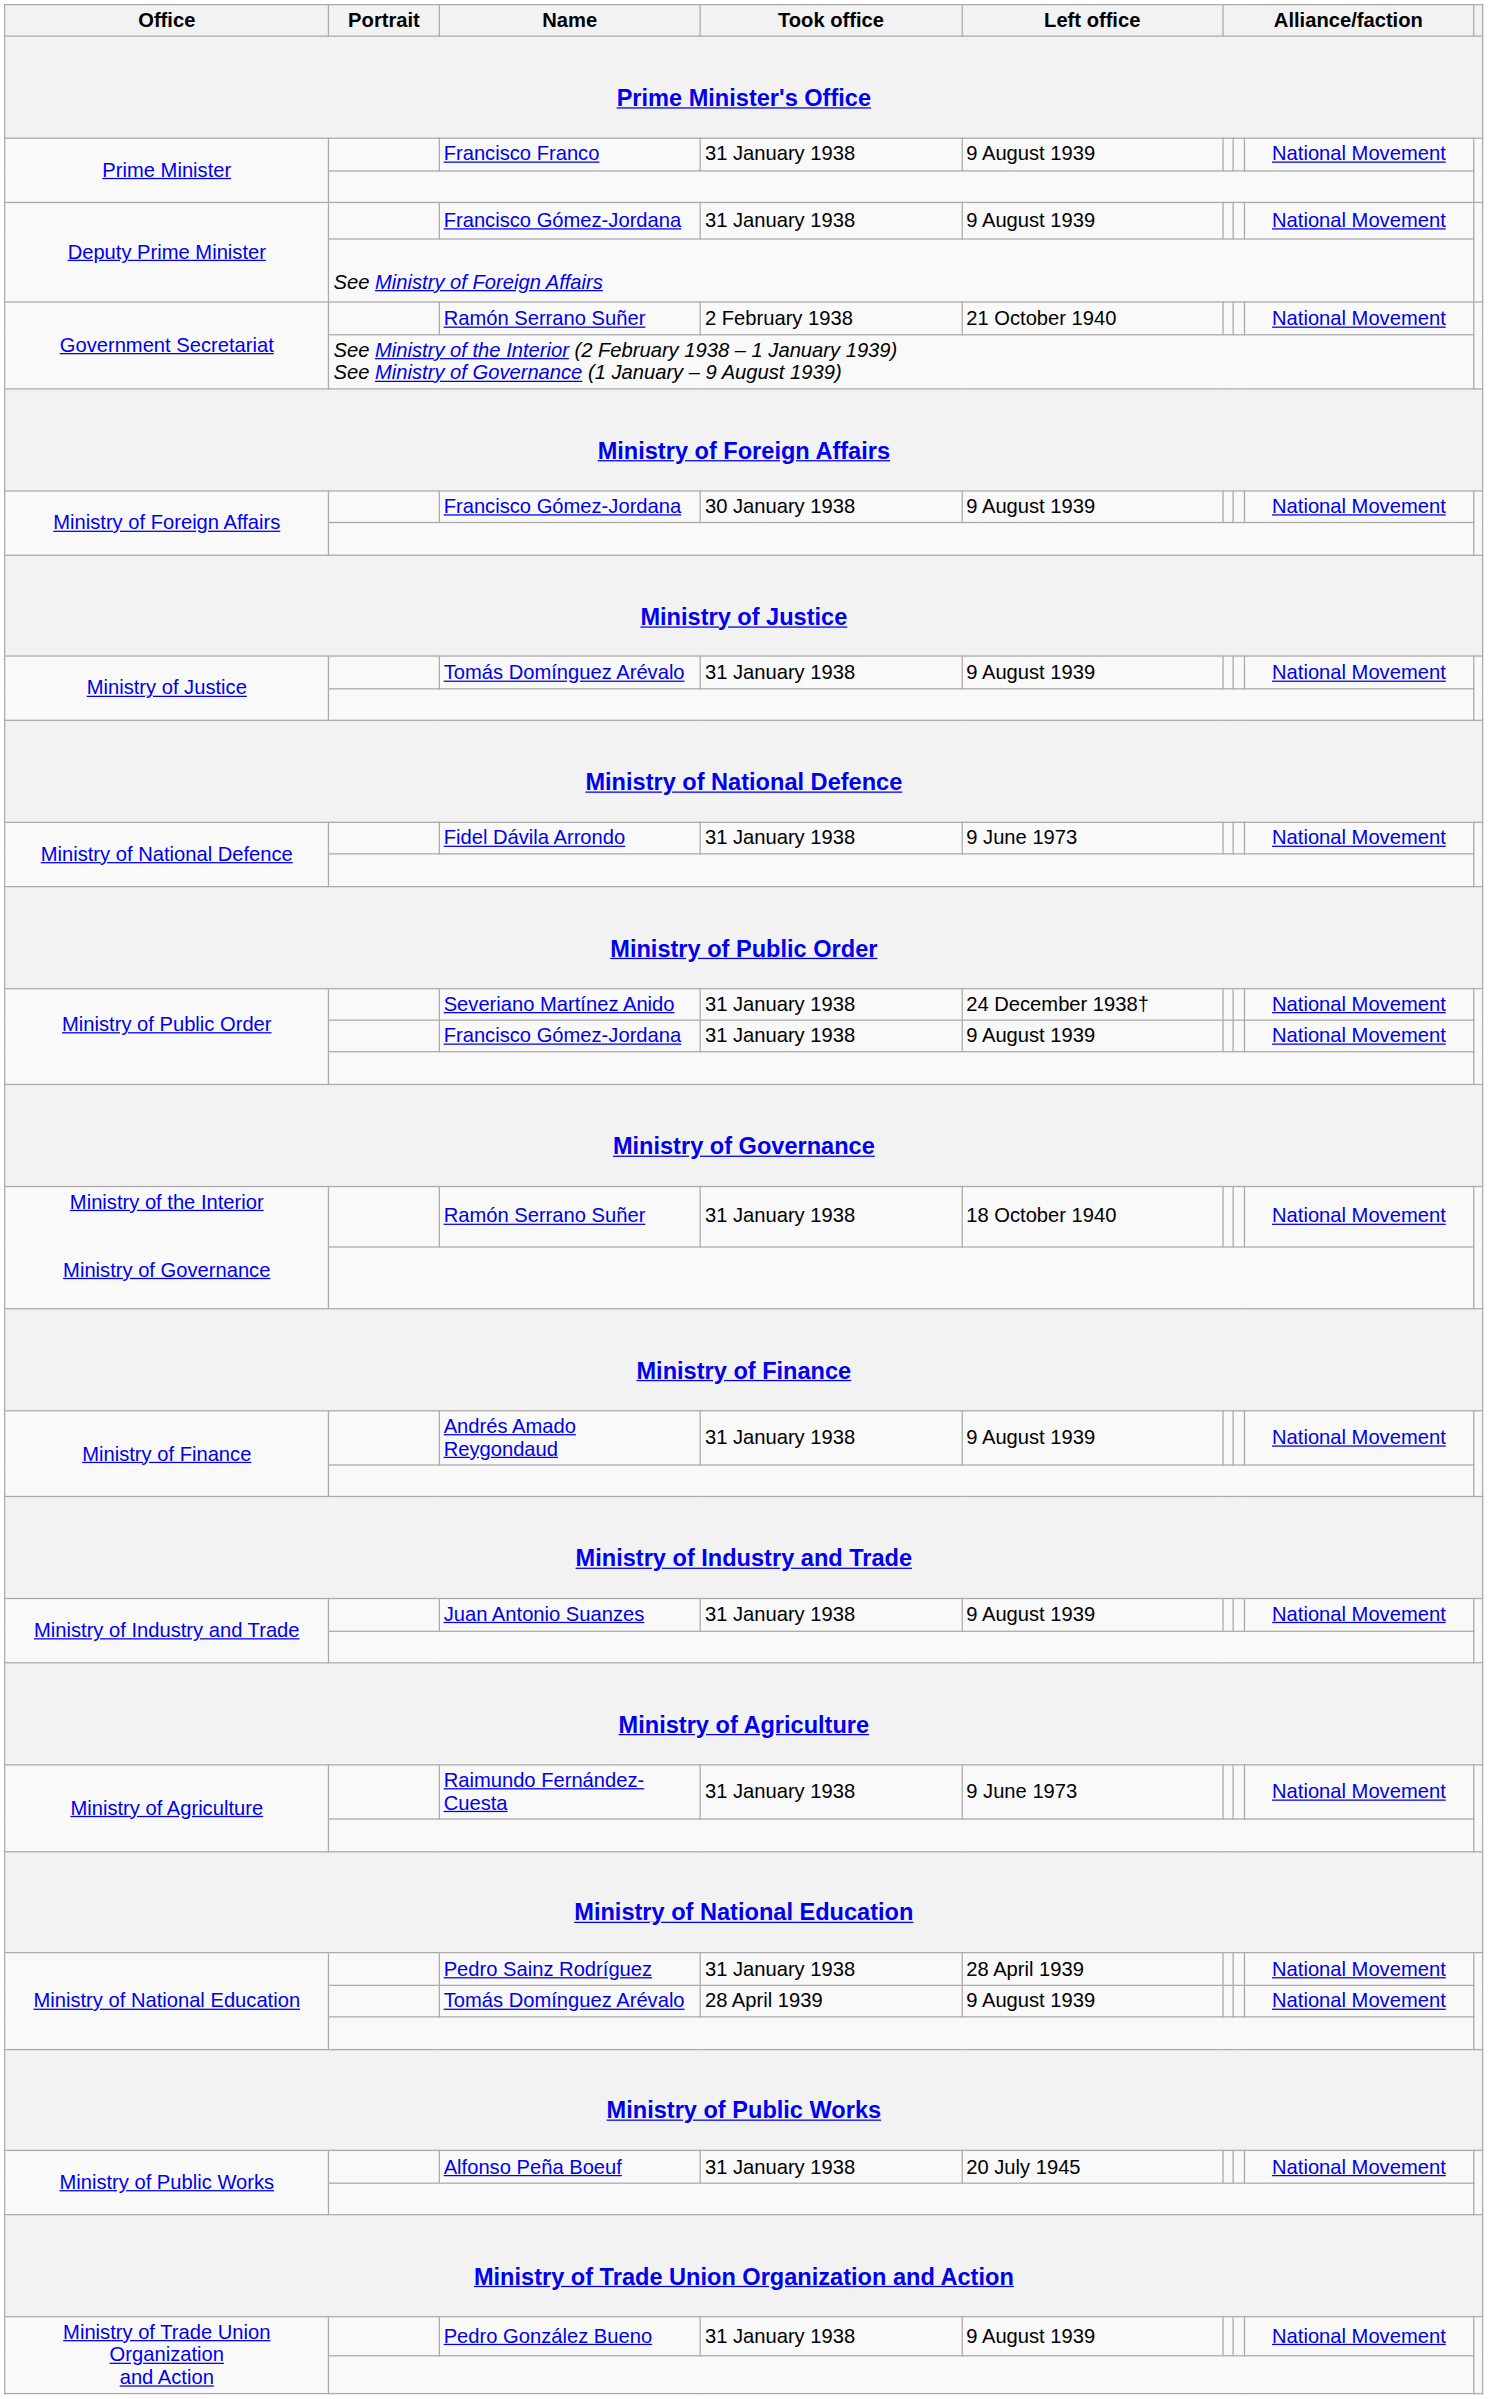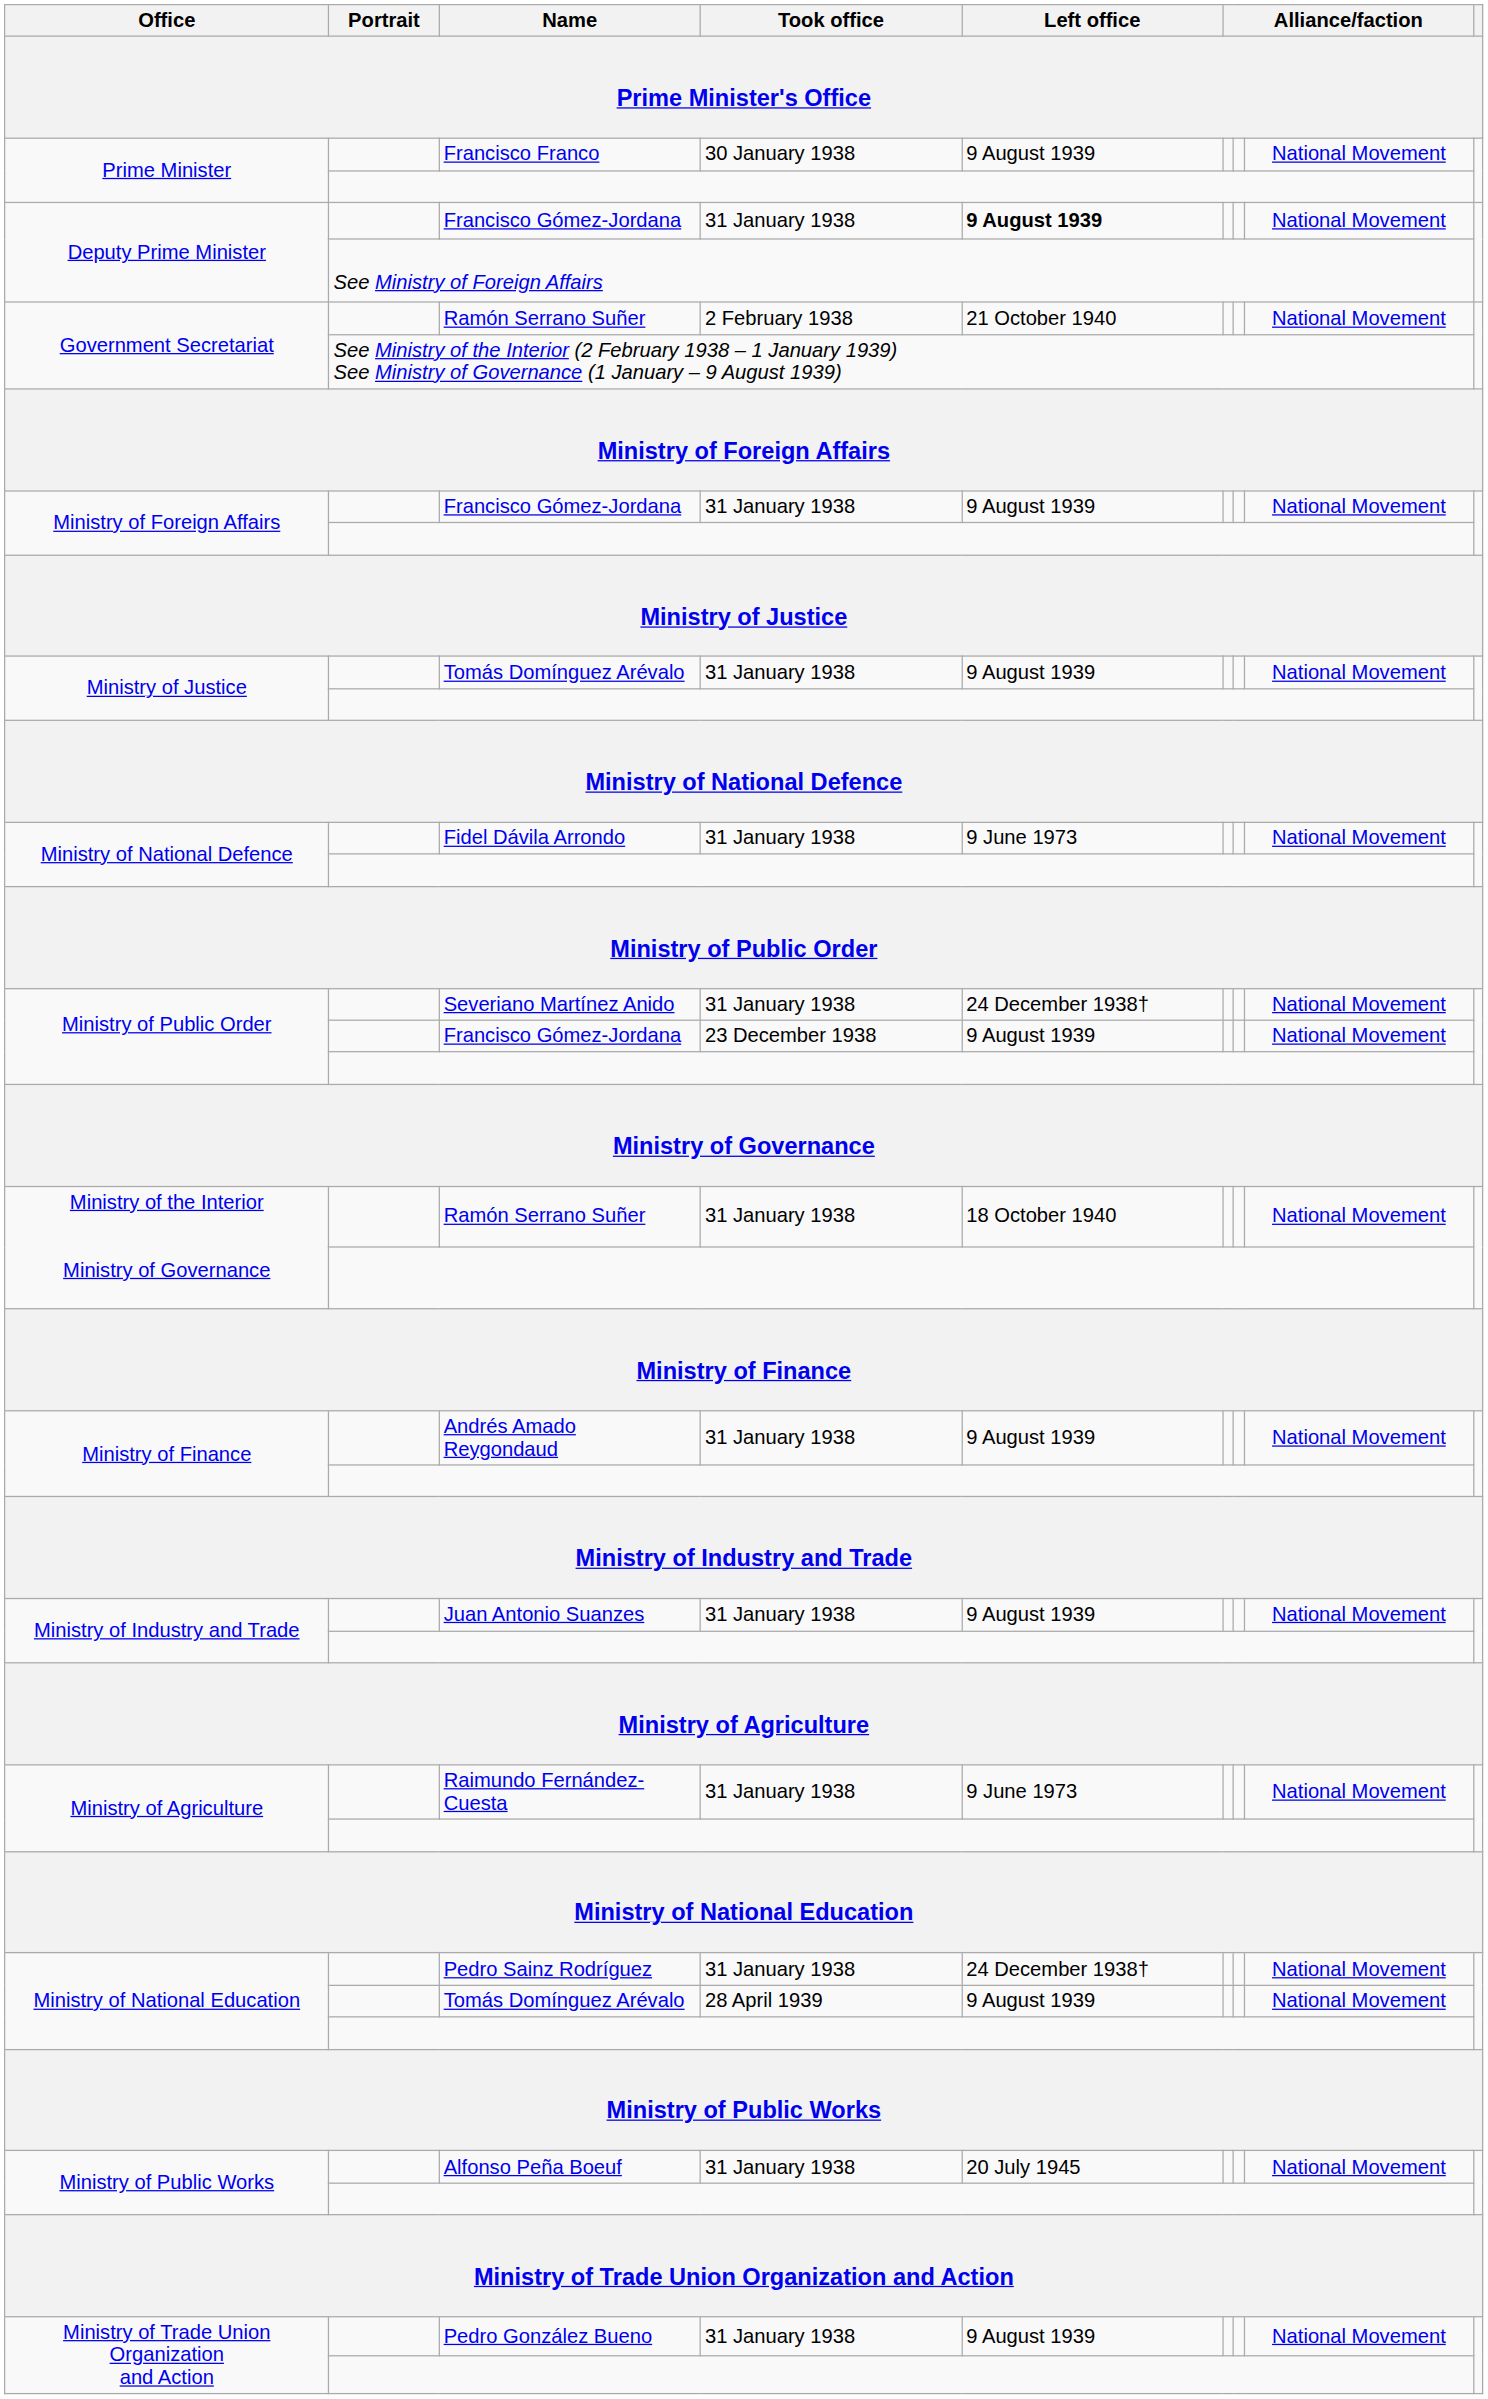 <table class="wikitable" style="line-height:18px;">
 <tr>
 <th scope="col">Office<br></th>
 <th scope="col">Portrait</th>
 <th scope="col">Name</th>
 <th scope="col">Took office</th>
 <th scope="col">Left office</th>
 <th colspan="3" scope="col">Alliance/faction</th>
 <th></th>
 </tr>
 <tr>
 <th colspan="9"><br><h3><a href='#'>Prime Minister's Office</a></h3></th>
 </tr>
 <tr>
 <td align="center" rowspan="2" width="250"><a href='#'>Prime Minister</a><br></td>
 <td width="80"></td>
 <td width="200"><a href='#'>Francisco Franco</a></td>
-<td>31 January 1938</td>
+<td width="200">30 January 1938</td>
 <td>9 August 1939</td>
 <td width="1" style="background-color:"></td>
 <td width="1" style="background-color:"></td>
 <td width="175" align="center"><a href='#'>National Movement</a><br></td>
 <td align="center" rowspan="2"></td>
 </tr>
 <tr>
 <td colspan="7"><br></td>
 </tr>
 <tr>
 <td align="center" rowspan="2"><a href='#'>Deputy Prime Minister</a><br></td>
 <td></td>
 <td><a href='#'>Francisco Gómez-Jordana</a></td>
 <td>31 January 1938</td>
-<td>9 August 1939</td>
+<td><strong>9 August 1939</strong></td>
 <td style="background-color:"></td>
 <td style="background-color:"></td>
 <td align="center"><a href='#'>National Movement</a><br></td>
 <td align="center" rowspan="2"><br><br><br><br></td>
 </tr>
 <tr>
 <td colspan="7"><br><em>See <a href='#'>Ministry of Foreign Affairs</a></em></td>
 </tr>
 <tr>
 <td align="center" rowspan="2"><a href='#'>Government Secretariat</a><br></td>
 <td></td>
 <td><a href='#'>Ramón Serrano Suñer</a></td>
 <td>2 February 1938</td>
 <td>21 October 1940</td>
 <td style="background-color:"></td>
 <td style="background-color:"></td>
 <td align="center"><a href='#'>National Movement</a><br></td>
 <td align="center" rowspan="2"></td>
 </tr>
 <tr>
 <td colspan="7"><em>See <a href='#'>Ministry of the Interior</a> (2 February 1938 – 1 January 1939)<br>See <a href='#'>Ministry of Governance</a> (1 January – 9 August 1939)</em></td>
 </tr>
 <tr>
 <th colspan="9"><br><h3><a href='#'>Ministry of Foreign Affairs</a></h3></th>
 </tr>
 <tr>
 <td align="center" rowspan="2"><a href='#'>Ministry of Foreign Affairs</a><br></td>
 <td></td>
 <td><a href='#'>Francisco Gómez-Jordana</a></td>
-<td width="200">30 January 1938</td>
+<td>31 January 1938</td>
 <td>9 August 1939</td>
 <td style="background-color:"></td>
 <td style="background-color:"></td>
 <td align="center"><a href='#'>National Movement</a><br></td>
 <td align="center" rowspan="2"><br></td>
 </tr>
 <tr>
 <td colspan="7"><br> </td>
 </tr>
 <tr>
 <th colspan="9"><br><h3><a href='#'>Ministry of Justice</a></h3></th>
 </tr>
 <tr>
 <td align="center" rowspan="2"><a href='#'>Ministry of Justice</a><br></td>
 <td></td>
 <td><a href='#'>Tomás Domínguez Arévalo</a></td>
 <td>31 January 1938</td>
 <td>9 August 1939</td>
 <td style="background-color:"></td>
 <td style="background-color:"></td>
 <td align="center"><a href='#'>National Movement</a><br></td>
 <td align="center" rowspan="2"><br></td>
 </tr>
 <tr>
 <td colspan="7"><br></td>
 </tr>
 <tr>
 <th colspan="9"><br><h3><a href='#'>Ministry of National Defence</a></h3></th>
 </tr>
 <tr>
 <td align="center" rowspan="2"><a href='#'>Ministry of National Defence</a><br></td>
 <td></td>
 <td><a href='#'>Fidel Dávila Arrondo</a></td>
 <td>31 January 1938</td>
 <td width="200">9 June 1973</td>
 <td style="background-color:"></td>
 <td style="background-color:"></td>
 <td align="center"><a href='#'>National Movement</a><br></td>
 <td align="center" rowspan="2"></td>
 </tr>
 <tr>
 <td colspan="7"><br></td>
 </tr>
 <tr>
 <th colspan="9"><br><h3><a href='#'>Ministry of Public Order</a></h3></th>
 </tr>
 <tr>
 <td align="center" rowspan="3"><a href='#'>Ministry of Public Order</a><br><br></td>
 <td></td>
 <td><a href='#'>Severiano Martínez Anido</a></td>
 <td>31 January 1938</td>
 <td>24 December 1938†</td>
 <td style="background-color:"></td>
 <td style="background-color:"></td>
 <td align="center"><a href='#'>National Movement</a><br></td>
 <td align="center" rowspan="3"><br></td>
 </tr>
 <tr>
 <td></td>
 <td><a href='#'>Francisco Gómez-Jordana</a><br></td>
-<td>31 January 1938</td>
+<td>23 December 1938</td>
 <td>9 August 1939</td>
 <td style="background-color:"></td>
 <td style="background-color:"></td>
 <td align="center"><a href='#'>National Movement</a><br></td>
 </tr>
 <tr>
 <td colspan="7"><br></td>
 </tr>
 <tr>
 <th colspan="9"><br><h3><a href='#'>Ministry of Governance</a></h3></th>
 </tr>
 <tr>
 <td align="center" rowspan="2"><a href='#'>Ministry of the Interior</a><br><br><br><a href='#'>Ministry of Governance</a><br><br></td>
 <td></td>
 <td><a href='#'>Ramón Serrano Suñer</a></td>
 <td>31 January 1938</td>
 <td>18 October 1940</td>
 <td style="background-color:"></td>
 <td style="background-color:"></td>
 <td align="center"><a href='#'>National Movement</a><br></td>
 <td align="center" rowspan="2"><br><br></td>
 </tr>
 <tr>
 <td colspan="7"><br> </td>
 </tr>
 <tr>
 <th colspan="9"><br><h3><a href='#'>Ministry of Finance</a></h3></th>
 </tr>
 <tr>
 <td align="center" rowspan="2"><a href='#'>Ministry of Finance</a><br></td>
 <td></td>
 <td><a href='#'>Andrés Amado Reygondaud</a></td>
 <td>31 January 1938</td>
 <td>9 August 1939</td>
 <td style="background-color:"></td>
 <td style="background-color:"></td>
 <td align="center"><a href='#'>National Movement</a><br></td>
 <td align="center" rowspan="2"><br></td>
 </tr>
 <tr>
 <td colspan="7"><br></td>
 </tr>
 <tr>
 <th colspan="9"><br><h3><a href='#'>Ministry of Industry and Trade</a></h3></th>
 </tr>
 <tr>
 <td align="center" rowspan="2"><a href='#'>Ministry of Industry and Trade</a><br></td>
 <td></td>
 <td><a href='#'>Juan Antonio Suanzes</a></td>
 <td>31 January 1938</td>
 <td>9 August 1939</td>
 <td style="background-color:"></td>
 <td style="background-color:"></td>
 <td align="center"><a href='#'>National Movement</a><br></td>
 <td align="center" rowspan="2"><br><br></td>
 </tr>
 <tr>
 <td colspan="7"><br></td>
 </tr>
 <tr>
 <th colspan="9"><br><h3><a href='#'>Ministry of Agriculture</a></h3></th>
 </tr>
 <tr>
 <td align="center" rowspan="2"><a href='#'>Ministry of Agriculture</a><br></td>
 <td></td>
 <td><a href='#'>Raimundo Fernández-Cuesta</a></td>
 <td>31 January 1938</td>
 <td width="200">9 June 1973</td>
 <td style="background-color:"></td>
 <td style="background-color:"></td>
 <td align="center"><a href='#'>National Movement</a><br></td>
 <td align="center" rowspan="2"><br><br></td>
 </tr>
 <tr>
 <td colspan="7"><br> </td>
 </tr>
 <tr>
 <th colspan="9"><br><h3><a href='#'>Ministry of National Education</a></h3></th>
 </tr>
 <tr>
 <td align="center" rowspan="3"><a href='#'>Ministry of National Education</a><br></td>
 <td></td>
 <td><a href='#'>Pedro Sainz Rodríguez</a></td>
 <td>31 January 1938</td>
-<td>28 April 1939</td>
+<td>24 December 1938†</td>
 <td style="background-color:"></td>
 <td style="background-color:"></td>
 <td align="center"><a href='#'>National Movement</a><br></td>
 <td align="center" rowspan="3"></td>
 </tr>
 <tr>
 <td></td>
 <td><a href='#'>Tomás Domínguez Arévalo</a><br></td>
 <td>28 April 1939</td>
 <td>9 August 1939</td>
 <td style="background-color:"></td>
 <td style="background-color:"></td>
 <td align="center"><a href='#'>National Movement</a><br></td>
 </tr>
 <tr>
 <td colspan="7"><br></td>
 </tr>
 <tr>
 <th colspan="9"><br><h3><a href='#'>Ministry of Public Works</a></h3></th>
 </tr>
 <tr>
 <td align="center" rowspan="2"><a href='#'>Ministry of Public Works</a><br></td>
 <td></td>
 <td><a href='#'>Alfonso Peña Boeuf</a></td>
 <td>31 January 1938</td>
 <td>20 July 1945</td>
 <td style="background-color:"></td>
 <td style="background-color:"></td>
 <td align="center"><a href='#'>National Movement</a><br></td>
 <td align="center" rowspan="2"><br><br></td>
 </tr>
 <tr>
 <td colspan="7"><br> </td>
 </tr>
 <tr>
 <th colspan="9"><br><h3><a href='#'>Ministry of Trade Union Organization and Action</a></h3></th>
 </tr>
 <tr>
 <td align="center" rowspan="2"><a href='#'>Ministry of Trade Union Organization<br>and Action</a><br></td>
 <td></td>
 <td><a href='#'>Pedro González Bueno</a></td>
 <td>31 January 1938</td>
 <td>9 August 1939</td>
 <td style="background-color:"></td>
 <td style="background-color:"></td>
 <td align="center"><a href='#'>National Movement</a><br></td>
 <td align="center" rowspan="2"><br></td>
 </tr>
 <tr>
 <td colspan="7"><br></td>
 </tr>
 </table>
